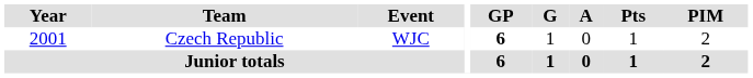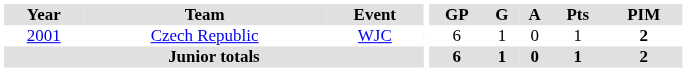 <table border="0" cellpadding="1" cellspacing="0" ID="Table3" style="text-align:center; width:40em">
 <tr ALIGN="center" bgcolor="#e0e0e0">
 <th>Year</th>
 <th>Team</th>
 <th>Event</th>
 <th rowspan="99" bgcolor="#ffffff"></th>
 <th>GP</th>
 <th>G</th>
 <th>A</th>
 <th>Pts</th>
 <th>PIM</th>
 </tr>
 <tr>
 <td><a href='#'>2001</a></td>
 <td><a href='#'>Czech Republic</a></td>
 <td><a href='#'>WJC</a></td>
-<td><strong>6</strong></td>
+<td>6</td>
 <td>1</td>
 <td>0</td>
 <td>1</td>
-<td>2</td>
+<td><strong>2</strong></td>
 </tr>
 <tr bgcolor="#e0e0e0">
 <th colspan="3">Junior totals</th>
 <th>6</th>
 <th>1</th>
 <th>0</th>
 <th>1</th>
 <th>2</th>
 </tr>
 </table>
